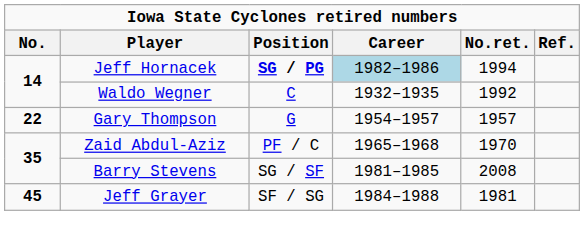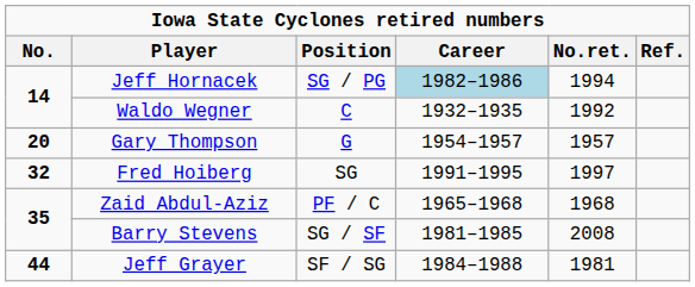 <table class="wikitable sortable" style="text-align:center">
 <tr>
 <td colspan=6><strong>Iowa State Cyclones retired numbers</strong></td>
 </tr>
 <tr>
 <th width=40px>No.</th>
 <th width=150px>Player</th>
 <th width=40px>Position</th>
 <th width=100px>Career</th>
 <th width=40px>No.ret.</th>
 <th width=px>Ref.</th>
 </tr>
 <tr>
 <td rowspan=2><strong>14</strong></td>
 <td><a href='#'>Jeff Hornacek</a></td>
-<td><strong><a href='#'>SG</a> / <a href='#'>PG</a></strong></td>
+<td><a href='#'>SG</a> / <a href='#'>PG</a></td>
 <td style="background: lightblue;">1982–1986</td>
 <td>1994</td>
 <td></td>
 </tr>
 <tr>
 <td><a href='#'>Waldo Wegner</a></td>
 <td><a href='#'>C</a></td>
 <td>1932–1935</td>
 <td>1992</td>
 <td></td>
 </tr>
 <tr>
-<td><strong>22</strong></td>
+<td><strong>20</strong></td>
 <td><a href='#'>Gary Thompson</a></td>
 <td><a href='#'>G</a></td>
 <td>1954–1957</td>
 <td>1957</td>
 <td></td>
 </tr>
 <tr>
+<td><strong>32</strong></td>
+<td><a href='#'>Fred Hoiberg</a></td>
+<td>SG</td>
+<td>1991–1995</td>
+<td>1997</td>
+<td></td>
+</tr>
+<tr>
 <td rowspan=2><strong>35</strong></td>
 <td><a href='#'>Zaid Abdul-Aziz</a></td>
 <td><a href='#'>PF</a> / C</td>
 <td>1965–1968</td>
-<td>1970</td>
+<td>1968</td>
 <td></td>
 </tr>
 <tr>
 <td><a href='#'>Barry Stevens</a></td>
 <td>SG / <a href='#'>SF</a></td>
 <td>1981–1985</td>
 <td>2008</td>
 <td></td>
 </tr>
 <tr>
-<td><strong>45</strong></td>
+<td><strong>44</strong></td>
 <td><a href='#'>Jeff Grayer</a></td>
 <td>SF / SG</td>
 <td>1984–1988</td>
 <td>1981</td>
 <td></td>
 </tr>
 </table>
